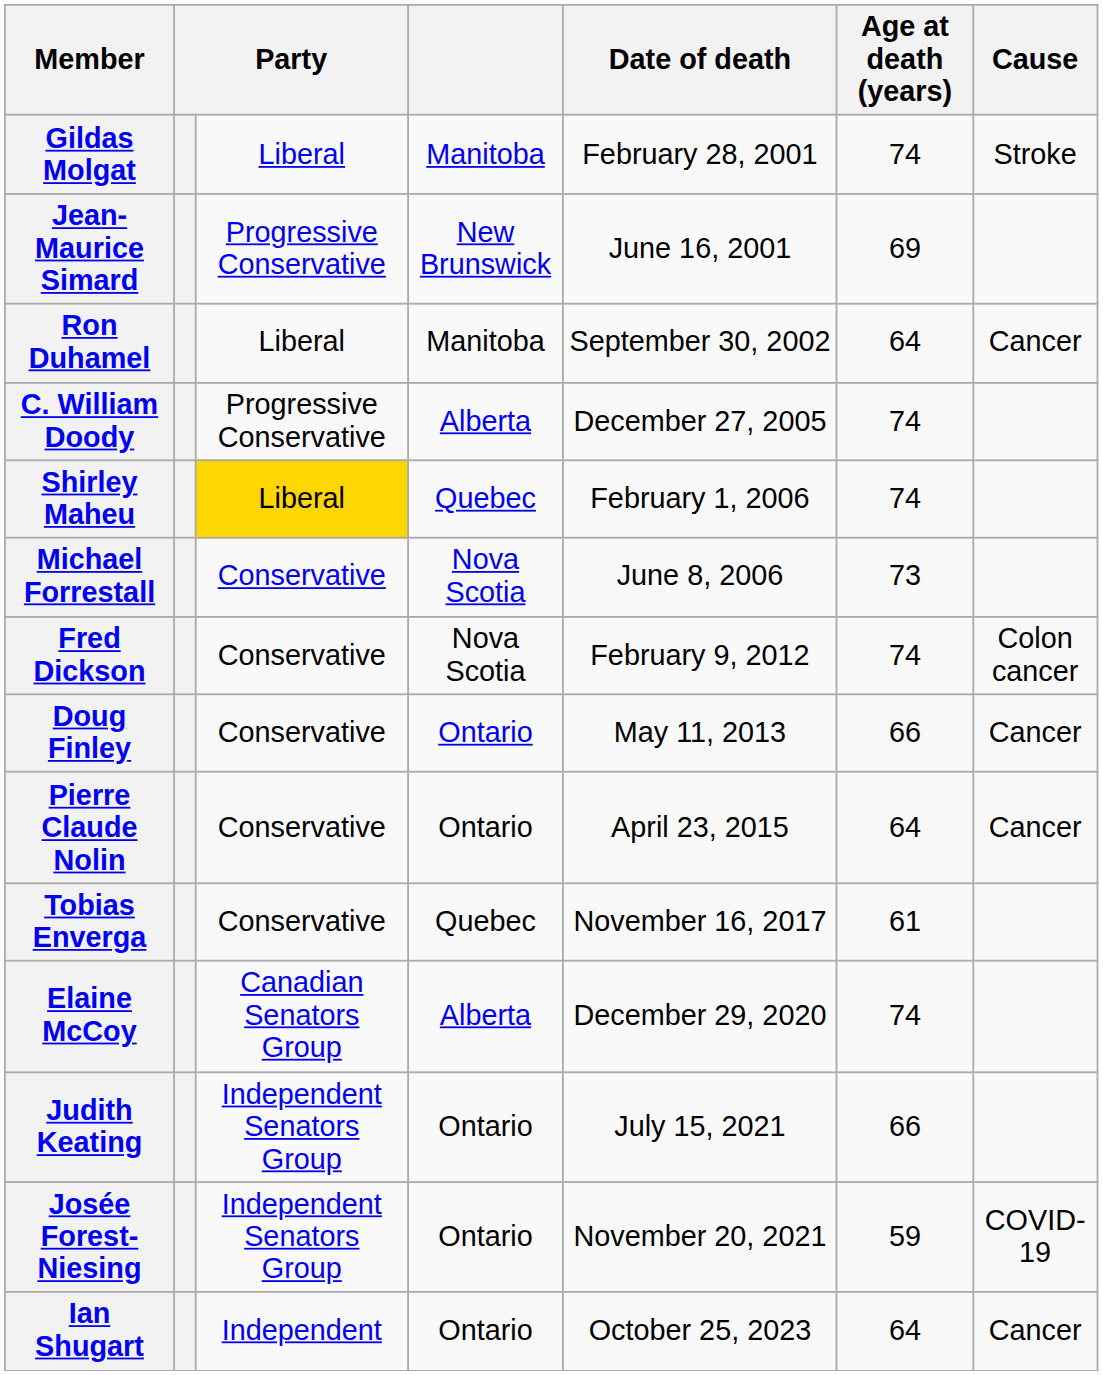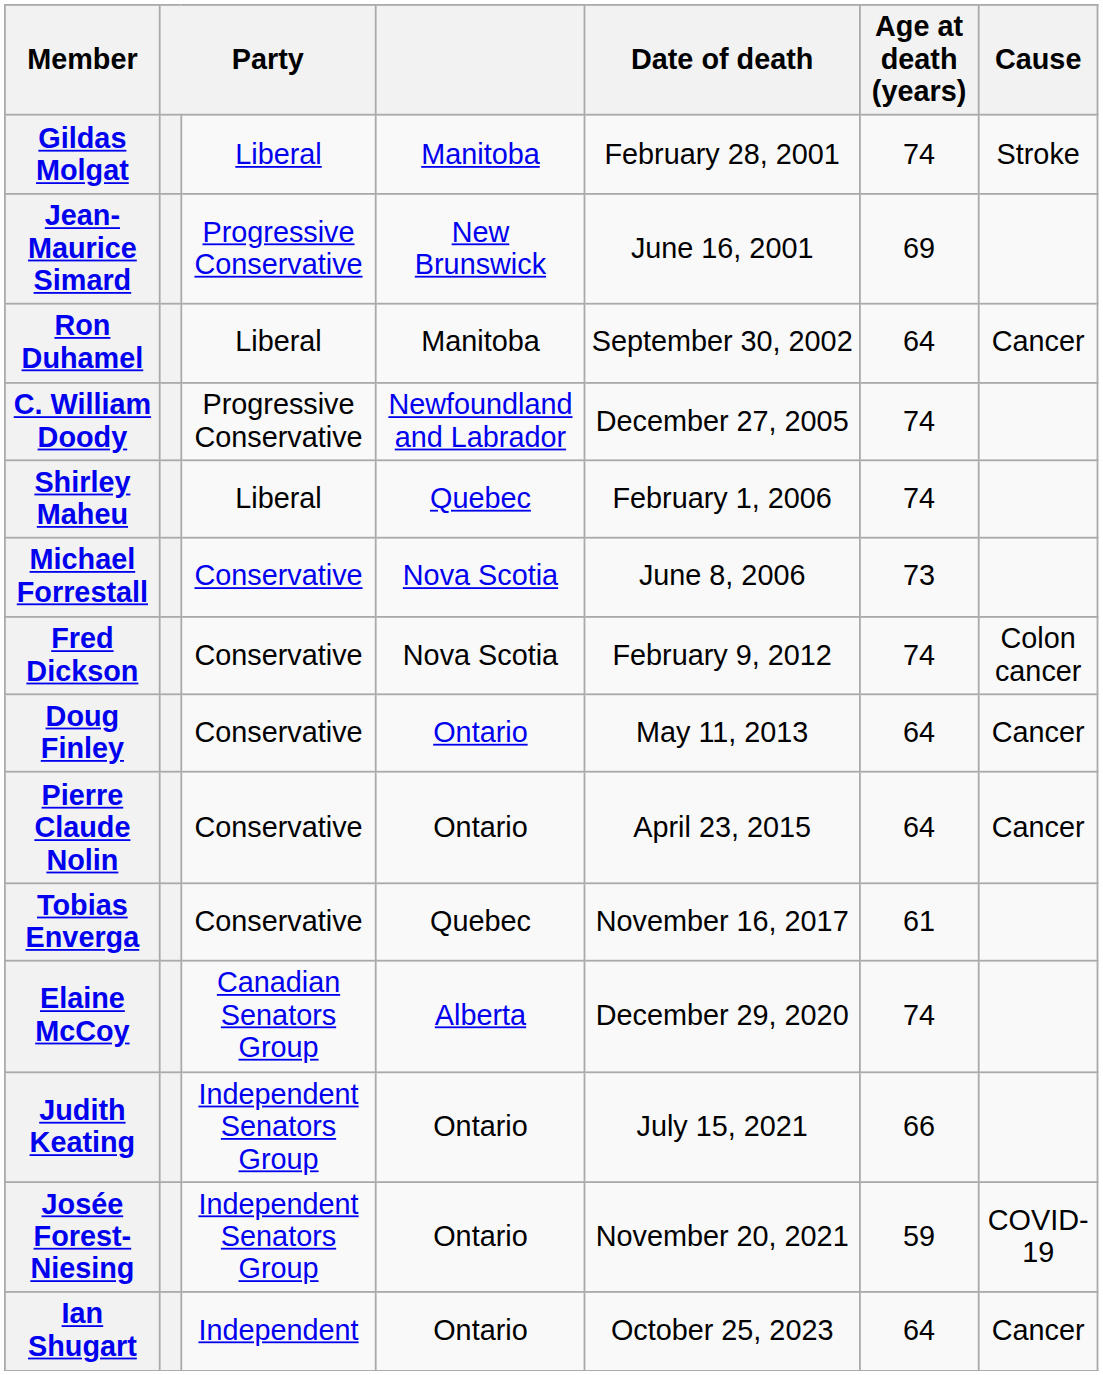 <table class="wikitable sortable" style="text-align:center">
 <tr>
 <th>Member</th>
 <th colspan=2>Party</th>
 <th></th>
 <th>Date of death</th>
 <th>Age at death (years)</th>
 <th>Cause</th>
 </tr>
 <tr>
 <th><a href='#'>Gildas Molgat</a></th>
 <th style="background:"> </th>
 <td><a href='#'>Liberal</a></td>
 <td><a href='#'>Manitoba</a><br></td>
 <td nowrap>February 28, 2001</td>
 <td nowrap>74</td>
 <td>Stroke</td>
 </tr>
 <tr>
 <th><a href='#'>Jean-Maurice Simard</a></th>
 <th style="background:"> </th>
 <td><a href='#'>Progressive Conservative</a></td>
 <td><a href='#'>New Brunswick</a><br></td>
 <td nowrap>June 16, 2001</td>
 <td nowrap>69</td>
 <td></td>
 </tr>
 <tr>
 <th><a href='#'>Ron Duhamel</a></th>
 <th style="background:"> </th>
 <td>Liberal</td>
 <td>Manitoba<br></td>
 <td nowrap>September 30, 2002</td>
 <td nowrap>64</td>
 <td>Cancer</td>
 </tr>
 <tr>
 <th><a href='#'>C. William Doody</a></th>
 <th style="background:"> </th>
 <td>Progressive Conservative</td>
-<td><a href='#'>Alberta</a><br></td>
+<td><a href='#'>Newfoundland and Labrador</a><br></td>
 <td nowrap>December 27, 2005</td>
 <td nowrap>74</td>
 <td></td>
 </tr>
 <tr>
 <th><a href='#'>Shirley Maheu</a></th>
 <th style="background:"> </th>
-<td style="background: gold;">Liberal</td>
+<td>Liberal</td>
 <td><a href='#'>Quebec</a><br></td>
 <td nowrap>February 1, 2006</td>
 <td nowrap>74</td>
 <td></td>
 </tr>
 <tr>
 <th><a href='#'>Michael Forrestall</a></th>
 <th style="background:"> </th>
 <td><a href='#'>Conservative</a></td>
 <td><a href='#'>Nova Scotia</a><br></td>
 <td nowrap>June 8, 2006</td>
 <td nowrap>73</td>
 <td></td>
 </tr>
 <tr>
 <th><a href='#'>Fred Dickson</a></th>
 <th style="background:"> </th>
 <td>Conservative</td>
 <td>Nova Scotia<br></td>
 <td nowrap>February 9, 2012</td>
 <td nowrap>74</td>
 <td>Colon cancer</td>
 </tr>
 <tr>
 <th><a href='#'>Doug Finley</a></th>
 <th style="background:"> </th>
 <td>Conservative</td>
 <td><a href='#'>Ontario</a> <br></td>
 <td nowrap>May 11, 2013</td>
-<td nowrap>66</td>
+<td nowrap>64</td>
 <td>Cancer</td>
 </tr>
 <tr>
 <th><a href='#'>Pierre Claude Nolin</a></th>
 <th style="background:"> </th>
 <td>Conservative</td>
 <td>Ontario <br></td>
 <td nowrap>April 23, 2015</td>
 <td nowrap>64</td>
 <td>Cancer</td>
 </tr>
 <tr>
 <th><a href='#'>Tobias Enverga</a></th>
 <th style="background:"> </th>
 <td>Conservative</td>
 <td>Quebec<br></td>
 <td nowrap>November 16, 2017</td>
 <td nowrap>61</td>
 <td></td>
 </tr>
 <tr>
 <th><a href='#'>Elaine McCoy</a></th>
 <th style="background:"> </th>
 <td><a href='#'>Canadian Senators Group</a></td>
 <td><a href='#'>Alberta</a><br></td>
 <td nowrap>December 29, 2020</td>
 <td nowrap>74</td>
 <td></td>
 </tr>
 <tr>
 <th><a href='#'>Judith Keating</a></th>
 <th style="background:"> </th>
 <td><a href='#'>Independent Senators Group</a></td>
 <td>Ontario <br></td>
 <td nowrap>July 15, 2021</td>
 <td nowrap>66</td>
 <td></td>
 </tr>
 <tr>
 <th><a href='#'>Josée Forest-Niesing</a></th>
 <th style="background:"> </th>
 <td><a href='#'>Independent Senators Group</a></td>
 <td>Ontario <br></td>
 <td nowrap>November 20, 2021</td>
 <td nowrap>59</td>
 <td>COVID-19</td>
 </tr>
 <tr>
 <th><a href='#'>Ian Shugart</a></th>
 <th style="background:"> </th>
 <td><a href='#'>Independent</a></td>
 <td>Ontario <br></td>
 <td nowrap>October 25, 2023</td>
 <td nowrap>64</td>
 <td>Cancer</td>
 </tr>
 <tr>
 </tr>
 </table>
